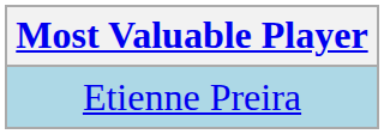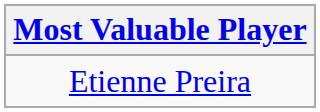 <table class=wikitable style="text-align:center; margin:auto">
 <tr>
 <th><a href='#'>Most Valuable Player</a></th>
 </tr>
 <tr>
-<td style="background: lightblue;"> <a href='#'>Etienne Preira</a></td>
+<td> <a href='#'>Etienne Preira</a></td>
 </tr>
 </table>
